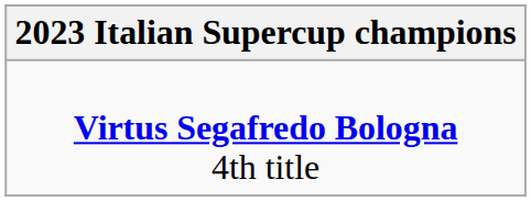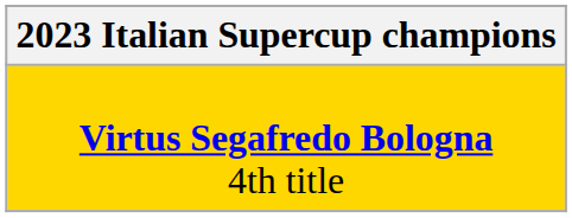 <table class=wikitable style="text-align:center; margin:auto">
 <tr>
 <th>2023 Italian Supercup champions</th>
 </tr>
 <tr>
-<td align = center> <br> <strong><a href='#'>Virtus Segafredo Bologna</a></strong> <br> 4th title</td>
+<td align = center style="background: gold;"> <br> <strong><a href='#'>Virtus Segafredo Bologna</a></strong> <br> 4th title</td>
 </tr>
 </table>
